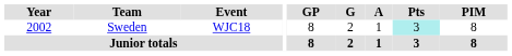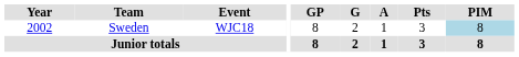 <table border="0" cellpadding="1" cellspacing="0" ID="Table3" style="text-align:center; width:40em">
 <tr ALIGN="center" bgcolor="#e0e0e0">
 <th>Year</th>
 <th>Team</th>
 <th>Event</th>
 <th rowspan="99" bgcolor="#ffffff"></th>
 <th>GP</th>
 <th>G</th>
 <th>A</th>
 <th>Pts</th>
 <th>PIM</th>
 </tr>
 <tr>
 <td><a href='#'>2002</a></td>
 <td><a href='#'>Sweden</a></td>
 <td><a href='#'>WJC18</a></td>
 <td>8</td>
 <td>2</td>
 <td>1</td>
-<td style="background: paleturquoise;">3</td>
-<td>8</td>
+<td>3</td>
+<td style="background: lightblue;">8</td>
 </tr>
 <tr bgcolor="#e0e0e0">
 <th colspan="3">Junior totals</th>
 <th>8</th>
 <th>2</th>
 <th>1</th>
 <th>3</th>
 <th>8</th>
 </tr>
 </table>
